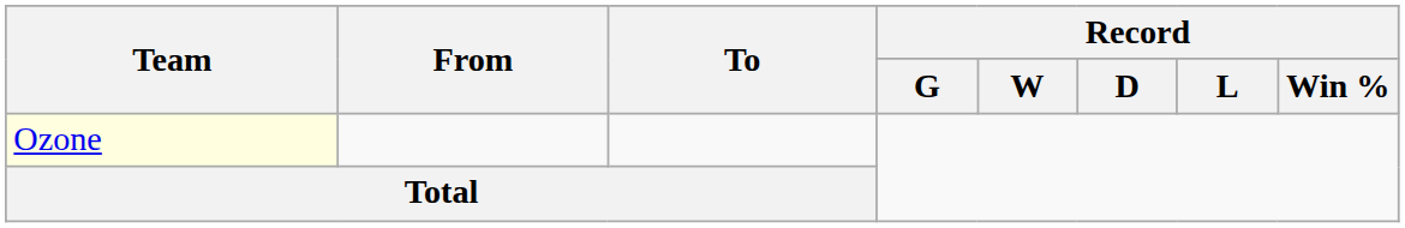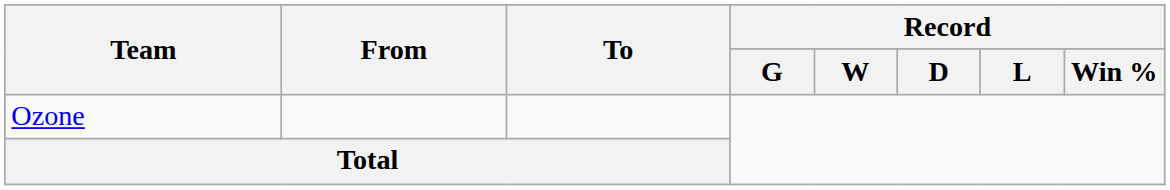 <table class="wikitable" style="text-align: center">
 <tr>
 <th rowspan=2! width=150>Team</th>
 <th rowspan=2! width=120>From</th>
 <th rowspan=2! width=120>To</th>
 <th colspan=7>Record</th>
 </tr>
 <tr>
 <th width=40>G</th>
 <th width=40>W</th>
 <th width=40>D</th>
 <th width=40>L</th>
 <th width=50>Win %</th>
 </tr>
 <tr>
-<td align=left style="background: lightyellow;"> <a href='#'>Ozone</a></td>
+<td align=left> <a href='#'>Ozone</a></td>
 <td align=left></td>
 <td align=left><br></td>
 </tr>
 <tr>
 <th colspan="3">Total<br></th>
 </tr>
 </table>
